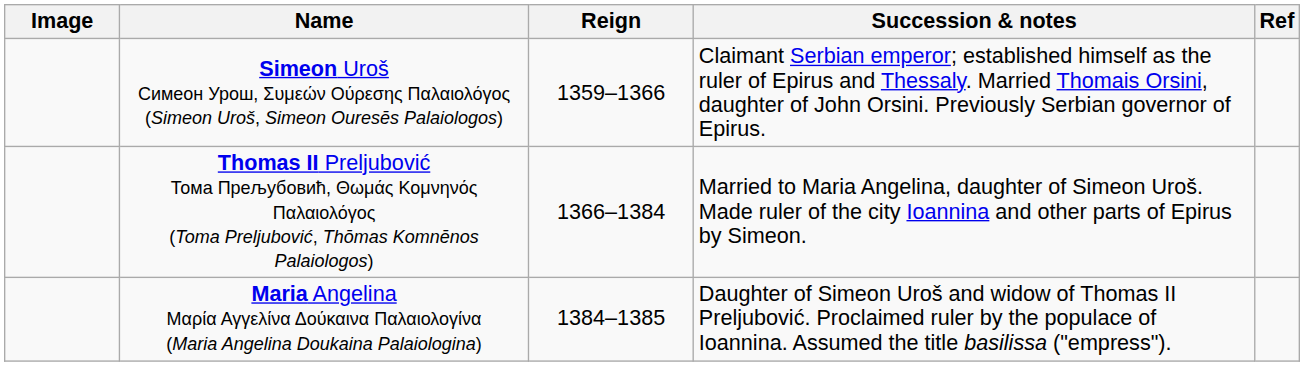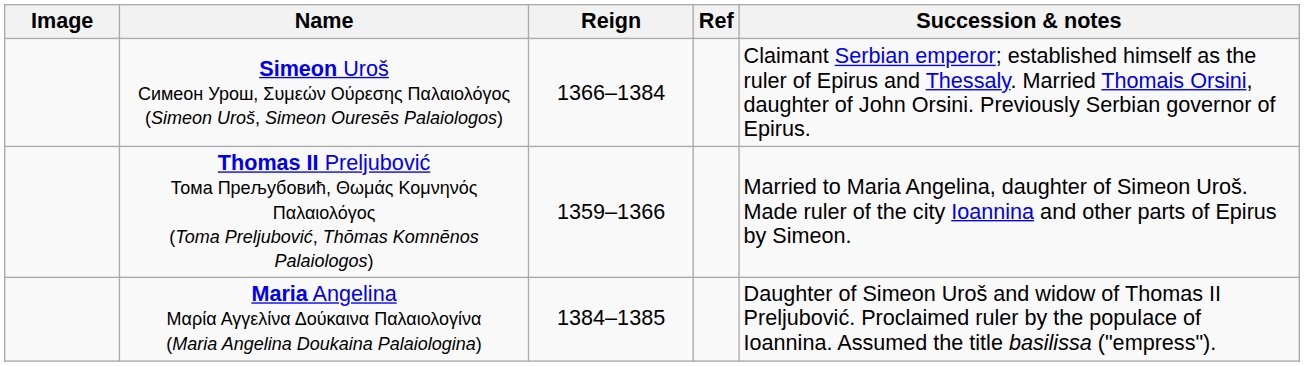 <table class="wikitable" style="width:960px">
 <tr>
 <th width="80px">Image</th>
 <th width="310px">Name</th>
 <th width="120px">Reign</th>
+<th width="20px">Ref</th>
 <th width="430px">Succession & notes</th>
-<th width="20px">Ref</th>
 </tr>
 <tr>
 <td></td>
 <td align="center"><a href='#'><strong>Simeon</strong> Uroš</a><br><small>Симеон Урош, Συμεών Ούρεσης Παλαιολόγος</small><br><small>(<em>Simeon Uroš</em>, <em>Simeon Ouresēs Palaiologos</em>)</small></td>
-<td align="center">1359–1366</td>
+<td align="center">1366–1384</td>
+<td><br></td>
 <td>Claimant <a href='#'>Serbian emperor</a>; established himself as the ruler of Epirus and <a href='#'>Thessaly</a>. Married <a href='#'>Thomais Orsini</a>, daughter of John Orsini. Previously Serbian governor of Epirus.</td>
-<td><br></td>
 </tr>
 <tr>
 <td></td>
 <td align="center"><a href='#'><strong>Thomas II</strong> Preljubović</a><br><small>Тома Прељубовић, Θωμάς Κομνηνός Παλαιολόγος</small><br><small>(<em>Toma Preljubović</em>, <em>Thōmas Komnēnos Palaiologos</em>)</small></td>
-<td align="center">1366–1384</td>
+<td align="center">1359–1366</td>
+<td><br></td>
 <td>Married to Maria Angelina, daughter of Simeon Uroš. Made ruler of the city <a href='#'>Ioannina</a> and other parts of Epirus by Simeon.</td>
-<td><br></td>
 </tr>
 <tr>
 <td></td>
 <td align="center"><a href='#'><strong>Maria</strong> Angelina</a><br><small>Μαρία Αγγελίνα Δούκαινα Παλαιολογίνα</small><br><small>(<em>Maria Angelina Doukaina Palaiologina</em>)</small></td>
 <td align="center">1384–1385</td>
+<td><br></td>
 <td>Daughter of Simeon Uroš and widow of Thomas II Preljubović. Proclaimed ruler by the populace of Ioannina. Assumed the title <em>basilissa</em> ("empress").</td>
-<td><br></td>
 </tr>
 </table>
